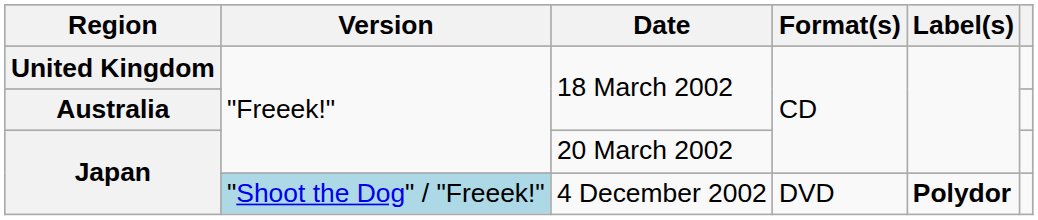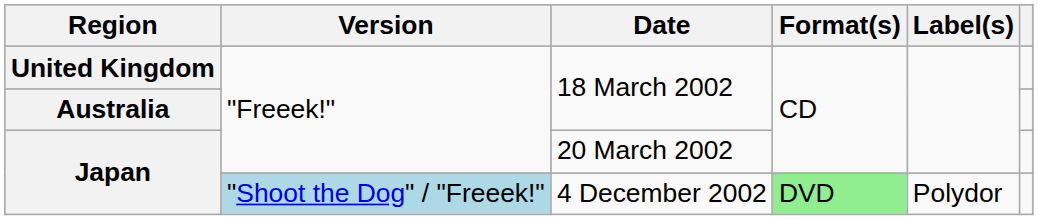 <table class="wikitable plainrowheaders">
 <tr>
 <th scope="col">Region</th>
 <th scope="col">Version</th>
 <th scope="col">Date</th>
 <th scope="col">Format(s)</th>
 <th scope="col">Label(s)</th>
 <th scope="col"></th>
 </tr>
 <tr>
 <th scope="row">United Kingdom</th>
 <td rowspan="3">"Freeek!"</td>
 <td rowspan="2">18 March 2002</td>
 <td rowspan="3">CD</td>
 <td rowspan="3"></td>
 <td align="center"></td>
 </tr>
 <tr>
 <th scope="row">Australia</th>
 <td align="center"></td>
 </tr>
 <tr>
 <th scope="row" rowspan="2">Japan</th>
 <td>20 March 2002</td>
 <td align="center"></td>
 </tr>
 <tr>
 <td style="background: lightblue;">"<a href='#'>Shoot the Dog</a>" / "Freeek!"</td>
 <td>4 December 2002</td>
-<td>DVD</td>
-<td><strong>Polydor</strong></td>
+<td style="background: lightgreen;">DVD</td>
+<td>Polydor</td>
 <td align="center"></td>
 </tr>
 </table>
